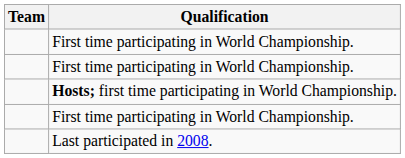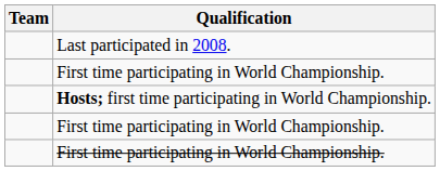 <table class="wikitable">
 <tr>
 <th>Team</th>
 <th>Qualification</th>
 </tr>
 <tr>
 <td></td>
-<td>First time participating in World Championship.</td>
+<td>Last participated in <a href='#'>2008</a>.</td>
 </tr>
 <tr>
 <td></td>
 <td>First time participating in World Championship.</td>
 </tr>
 <tr>
 <td></td>
 <td><strong>Hosts;</strong> first time participating in World Championship.</td>
 </tr>
 <tr>
 <td></td>
 <td>First time participating in World Championship.</td>
 </tr>
 <tr>
 <td><s></s></td>
-<td>Last participated in <a href='#'>2008</a>.</td>
+<td><s>First time participating in World Championship.</s></td>
 </tr>
 </table>
